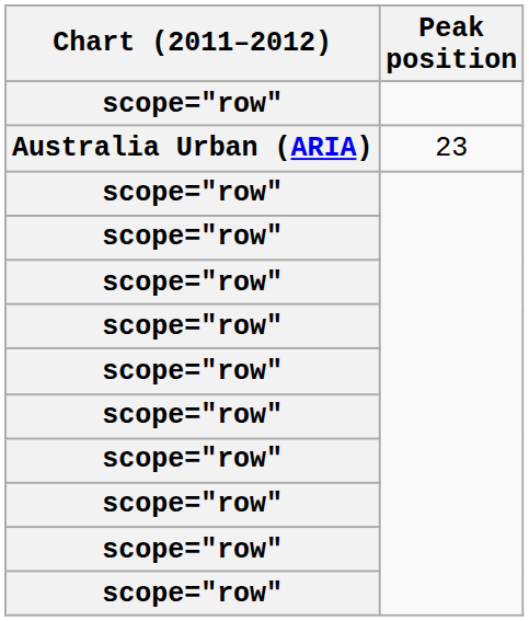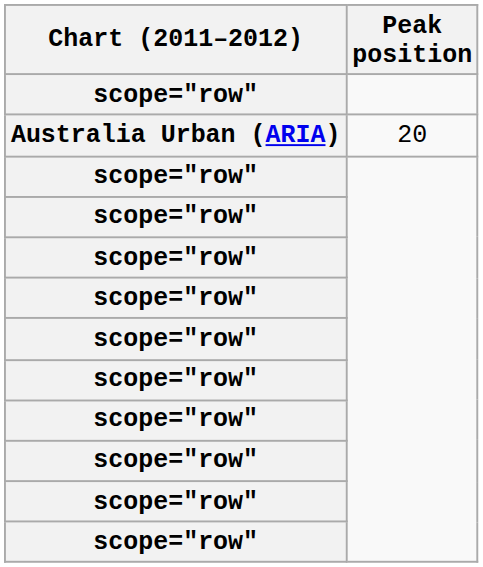 <table class="wikitable sortable plainrowheaders">
 <tr>
 <th scope="col">Chart (2011–2012)</th>
 <th scope="col">Peak<br>position</th>
 </tr>
 <tr>
 <th>scope="row"</th>
 </tr>
 <tr>
 <th scope="row">Australia Urban (<a href='#'>ARIA</a>)</th>
-<td align="center">23</td>
+<td align="center">20</td>
 </tr>
 <tr>
 <th>scope="row"</th>
 </tr>
 <tr>
 <th>scope="row"</th>
 </tr>
 <tr>
 <th>scope="row"</th>
 </tr>
 <tr>
 <th>scope="row"</th>
 </tr>
 <tr>
 <th>scope="row"</th>
 </tr>
 <tr>
 <th>scope="row"</th>
 </tr>
 <tr>
 <th>scope="row"</th>
 </tr>
 <tr>
 <th>scope="row"</th>
 </tr>
 <tr>
 <th>scope="row"</th>
 </tr>
 <tr>
 <th>scope="row"</th>
 </tr>
 </table>
